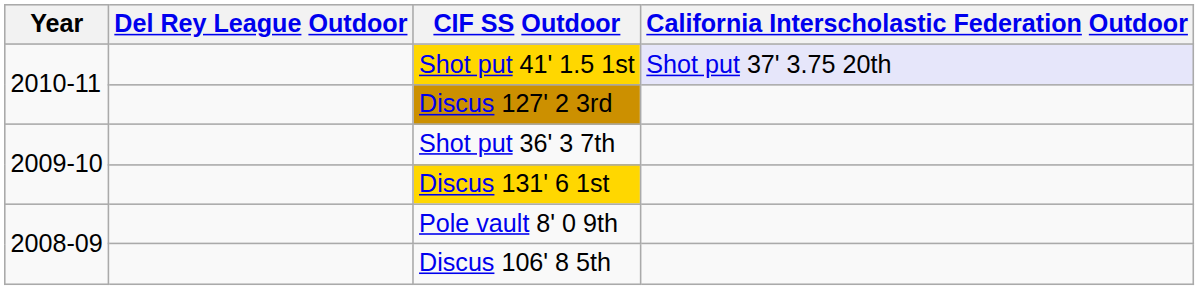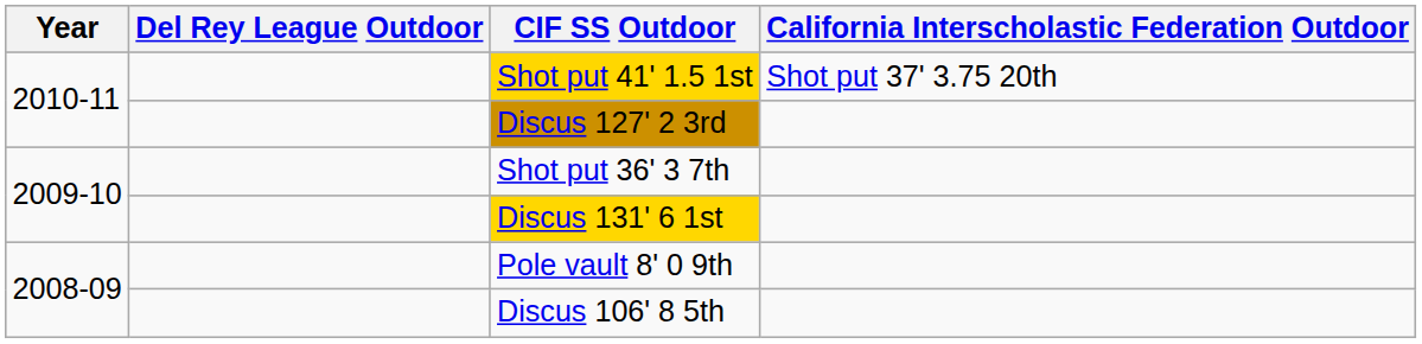 <table class="wikitable sortable">
 <tr>
 <th>Year</th>
 <th><a href='#'>Del Rey League</a> <a href='#'>Outdoor</a></th>
 <th><a href='#'>CIF SS</a> <a href='#'>Outdoor</a></th>
 <th><a href='#'>California Interscholastic Federation</a> <a href='#'>Outdoor</a></th>
 </tr>
 <tr>
 <td Rowspan=2>2010-11</td>
 <td></td>
 <td bgcolor=gold><a href='#'>Shot put</a> 41' 1.5 1st</td>
-<td style="background: lavender;"><a href='#'>Shot put</a> 37' 3.75 20th</td>
+<td><a href='#'>Shot put</a> 37' 3.75 20th</td>
 </tr>
 <tr>
 <td></td>
 <td bgcolor=cc99000><a href='#'>Discus</a> 127' 2 3rd</td>
 <td></td>
 </tr>
 <tr>
 <td Rowspan=2>2009-10</td>
 <td></td>
 <td><a href='#'>Shot put</a> 36' 3 7th</td>
 <td></td>
 </tr>
 <tr>
 <td></td>
 <td bgcolor=gold><a href='#'>Discus</a> 131' 6 1st</td>
 <td></td>
 </tr>
 <tr>
 <td Rowspan=2>2008-09</td>
 <td></td>
 <td><a href='#'>Pole vault</a> 8' 0 9th</td>
 <td></td>
 </tr>
 <tr>
 <td></td>
 <td><a href='#'>Discus</a> 106' 8 5th</td>
 <td></td>
 </tr>
 </table>
